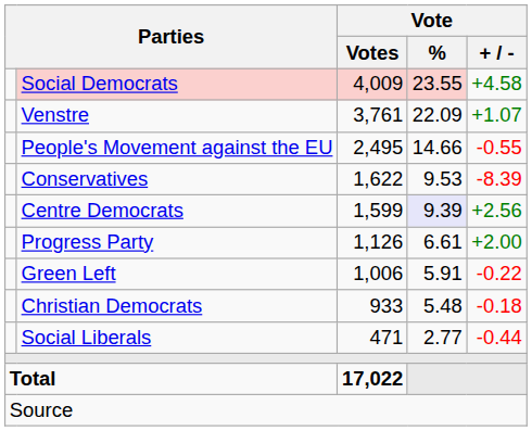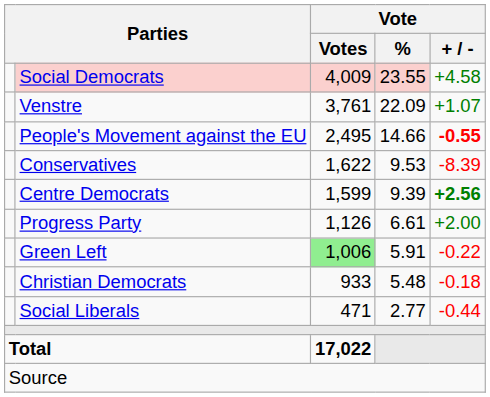 <table class="wikitable" style="text-align:right;">
 <tr>
 <th style="text-align:centre;" rowspan="2" colspan="2" width="225">Parties</th>
 <th colspan="3">Vote</th>
 </tr>
 <tr>
 <th width="15">Votes</th>
 <th width="15">%</th>
 <th width="15">+ / -</th>
 </tr>
 <tr>
 <td width="2" style="color:inherit;background:"></td>
 <td bgcolor=#fbd0ce   align="left"><a href='#'>Social Democrats</a></td>
 <td bgcolor=#fbd0ce>4,009</td>
 <td bgcolor=#fbd0ce>23.55</td>
 <td style=color:green;>+4.58</td>
 </tr>
 <tr>
 <td width="2" style="color:inherit;background:"></td>
 <td align="left"><a href='#'>Venstre</a></td>
 <td>3,761</td>
 <td>22.09</td>
 <td style=color:green;>+1.07</td>
 </tr>
 <tr>
 <td width="2" style="color:inherit;background:"></td>
 <td align="left"><a href='#'>People's Movement against the EU</a></td>
 <td>2,495</td>
 <td>14.66</td>
-<td style=color:red;>-0.55</td>
+<td style=color:red;><strong>-0.55</strong></td>
 </tr>
 <tr>
 <td width="2" style="color:inherit;background:"></td>
 <td align="left"><a href='#'>Conservatives</a></td>
 <td>1,622</td>
 <td>9.53</td>
 <td style=color:red;>-8.39</td>
 </tr>
 <tr>
 <td width="2" style="color:inherit;background:"></td>
 <td align="left"><a href='#'>Centre Democrats</a></td>
 <td>1,599</td>
-<td style="background: lavender;">9.39</td>
-<td style=color:green;>+2.56</td>
+<td>9.39</td>
+<td style=color:green;><strong>+2.56</strong></td>
 </tr>
 <tr>
 <td width="2" style="color:inherit;background:"></td>
 <td align="left"><a href='#'>Progress Party</a></td>
 <td>1,126</td>
 <td>6.61</td>
 <td style=color:green;>+2.00</td>
 </tr>
 <tr>
 <td width="2" style="color:inherit;background:"></td>
 <td align="left"><a href='#'>Green Left</a></td>
-<td>1,006</td>
+<td style="background: lightgreen;">1,006</td>
 <td>5.91</td>
 <td style=color:red;>-0.22</td>
 </tr>
 <tr>
 <td width="2" style="color:inherit;background:"></td>
 <td align="left"><a href='#'>Christian Democrats</a></td>
 <td>933</td>
 <td>5.48</td>
 <td style=color:red;>-0.18</td>
 </tr>
 <tr>
 <td width="2" style="color:inherit;background:"></td>
 <td align="left"><a href='#'>Social Liberals</a></td>
 <td>471</td>
 <td>2.77</td>
 <td style=color:red;>-0.44</td>
 </tr>
 <tr>
 <td colspan="7" bgcolor="#E9E9E9"></td>
 </tr>
 <tr>
 <td align="left" colspan="2"><strong>Total</strong></td>
 <td><strong>17,022</strong></td>
 <td bgcolor="#E9E9E9" colspan="2"></td>
 </tr>
 <tr>
 <td align="left" colspan="6">Source</td>
 </tr>
 </table>
